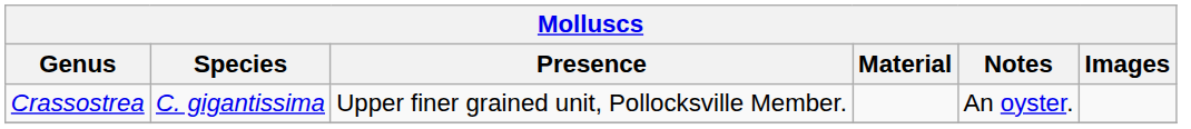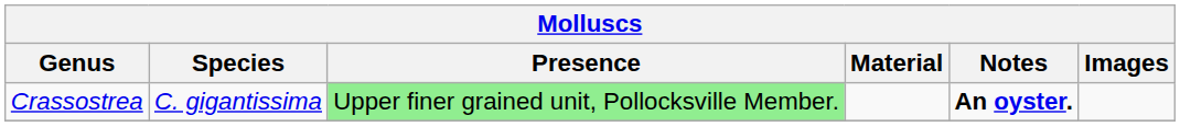 <table class="wikitable" align="center">
 <tr>
 <th colspan="6" align="center"><strong><a href='#'>Molluscs</a></strong></th>
 </tr>
 <tr>
 <th>Genus</th>
 <th>Species</th>
 <th>Presence</th>
 <th><strong>Material</strong></th>
 <th>Notes</th>
 <th>Images</th>
 </tr>
 <tr>
 <td><em><a href='#'>Crassostrea</a></em></td>
 <td><a href='#'><em>C. gigantissima</em></a></td>
-<td>Upper finer grained unit, Pollocksville Member.</td>
+<td style="background: lightgreen;">Upper finer grained unit, Pollocksville Member.</td>
 <td></td>
-<td>An <a href='#'>oyster</a>.</td>
+<td><strong>An <a href='#'>oyster</a>.</strong></td>
 <td></td>
 </tr>
 <tr>
 </tr>
 </table>
